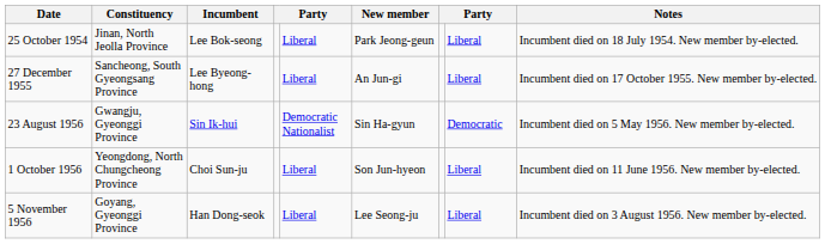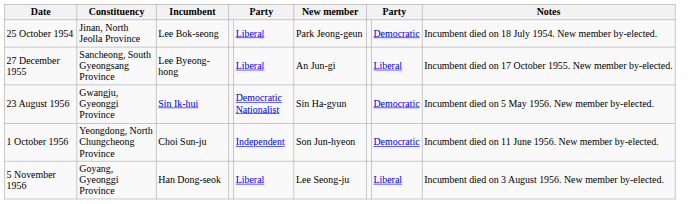 <table class="wikitable sortable plainrowheaders">
 <tr>
 <th width="110px">Date</th>
 <th width="120px">Constituency</th>
 <th width="110px">Incumbent</th>
 <th colspan="2">Party</th>
 <th width="110px">New member</th>
 <th colspan="2">Party</th>
 <th class="unsortable">Notes</th>
 </tr>
 <tr>
 <td>25 October 1954</td>
 <td>Jinan, North Jeolla Province</td>
 <td>Lee Bok-seong</td>
 <td></td>
 <td width="90px"><a href='#'>Liberal</a></td>
 <td>Park Jeong-geun</td>
 <td></td>
-<td width="90px"><a href='#'>Liberal</a></td>
+<td><a href='#'>Democratic</a></td>
 <td>Incumbent died on 18 July 1954. New member by-elected.</td>
 </tr>
 <tr>
 <td>27 December 1955</td>
 <td>Sancheong, South Gyeongsang Province</td>
 <td>Lee Byeong-hong</td>
 <td></td>
 <td><a href='#'>Liberal</a></td>
 <td>An Jun-gi</td>
 <td></td>
 <td><a href='#'>Liberal</a></td>
 <td>Incumbent died on 17 October 1955. New member by-elected.</td>
 </tr>
 <tr>
 <td>23 August 1956</td>
 <td>Gwangju, Gyeonggi Province</td>
 <td><a href='#'>Sin Ik-hui</a></td>
 <td></td>
 <td><a href='#'>Democratic Nationalist</a></td>
 <td>Sin Ha-gyun</td>
 <td></td>
 <td><a href='#'>Democratic</a></td>
 <td>Incumbent died on 5 May 1956. New member by-elected.</td>
 </tr>
 <tr>
 <td>1 October 1956</td>
 <td>Yeongdong, North Chungcheong Province</td>
 <td>Choi Sun-ju</td>
 <td bgcolor=></td>
-<td><a href='#'>Liberal</a></td>
+<td><a href='#'>Independent</a></td>
 <td>Son Jun-hyeon</td>
 <td></td>
-<td><a href='#'>Liberal</a></td>
+<td><a href='#'>Democratic</a></td>
 <td>Incumbent died on 11 June 1956. New member by-elected.</td>
 </tr>
 <tr>
 <td>5 November 1956</td>
 <td>Goyang, Gyeonggi Province</td>
 <td>Han Dong-seok</td>
 <td></td>
 <td><a href='#'>Liberal</a></td>
 <td>Lee Seong-ju</td>
 <td></td>
 <td><a href='#'>Liberal</a></td>
 <td>Incumbent died on 3 August 1956. New member by-elected.</td>
 </tr>
 </table>
